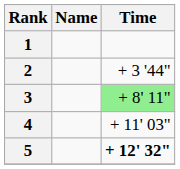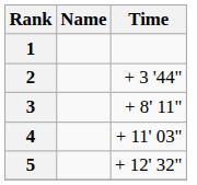 <table class="wikitable">
 <tr>
 <th>Rank</th>
 <th>Name</th>
 <th>Time</th>
 </tr>
 <tr>
 <th style="text-align:center">1</th>
 <td> </td>
 <td align="right"></td>
 </tr>
 <tr>
 <th style="text-align:center">2</th>
 <td></td>
 <td align="right">+ 3 '44"</td>
 </tr>
 <tr>
 <th style="text-align:center">3</th>
 <td></td>
-<td align="right" style="background: lightgreen;">+ 8' 11"</td>
+<td align="right">+ 8' 11"</td>
 </tr>
 <tr>
 <th style="text-align:center">4</th>
 <td></td>
 <td align="right">+ 11' 03"</td>
 </tr>
 <tr>
 <th style="text-align:center">5</th>
 <td></td>
-<td align="right"><strong>+ 12' 32"</strong></td>
+<td align="right">+ 12' 32"</td>
 </tr>
 <tr>
 </tr>
 </table>
